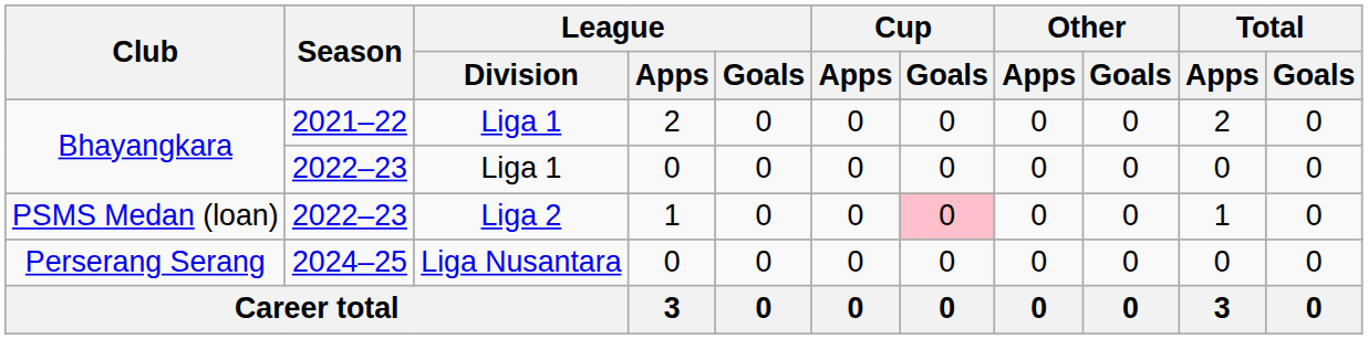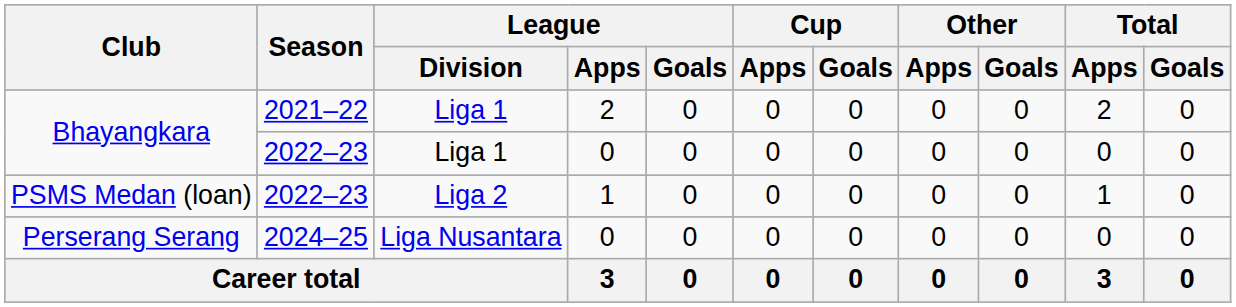 <table class="wikitable" style="text-align: center">
 <tr>
 <th rowspan="2">Club</th>
 <th rowspan="2">Season</th>
 <th colspan="3">League</th>
 <th colspan="2">Cup</th>
 <th colspan="2">Other</th>
 <th colspan="2">Total</th>
 </tr>
 <tr>
 <th>Division</th>
 <th>Apps</th>
 <th>Goals</th>
 <th>Apps</th>
 <th>Goals</th>
 <th>Apps</th>
 <th>Goals</th>
 <th>Apps</th>
 <th>Goals</th>
 </tr>
 <tr>
 <td rowspan="2"><a href='#'>Bhayangkara</a></td>
 <td><a href='#'>2021–22</a></td>
 <td rowspan="1" valign="center"><a href='#'>Liga 1</a></td>
 <td>2</td>
 <td>0</td>
 <td>0</td>
 <td>0</td>
 <td>0</td>
 <td>0</td>
 <td>2</td>
 <td>0</td>
 </tr>
 <tr>
 <td><a href='#'>2022–23</a></td>
 <td rowspan="1" valign="center">Liga 1</td>
 <td>0</td>
 <td>0</td>
 <td>0</td>
 <td>0</td>
 <td>0</td>
 <td>0</td>
 <td>0</td>
 <td>0</td>
 </tr>
 <tr>
 <td rowspan="1"><a href='#'>PSMS Medan</a> (loan)</td>
 <td><a href='#'>2022–23</a></td>
 <td rowspan="1"><a href='#'>Liga 2</a></td>
 <td>1</td>
 <td>0</td>
 <td>0</td>
-<td style="background: pink;">0</td>
+<td>0</td>
 <td>0</td>
 <td>0</td>
 <td>1</td>
 <td>0</td>
 </tr>
 <tr>
 <td rowspan="1" valign="center"><a href='#'>Perserang Serang</a></td>
 <td><a href='#'>2024–25</a></td>
 <td><a href='#'>Liga Nusantara</a></td>
 <td>0</td>
 <td>0</td>
 <td>0</td>
 <td>0</td>
 <td>0</td>
 <td>0</td>
 <td>0</td>
 <td>0</td>
 </tr>
 <tr>
 <th colspan=3>Career total</th>
 <th>3</th>
 <th>0</th>
 <th>0</th>
 <th>0</th>
 <th>0</th>
 <th>0</th>
 <th>3</th>
 <th>0</th>
 </tr>
 </table>
